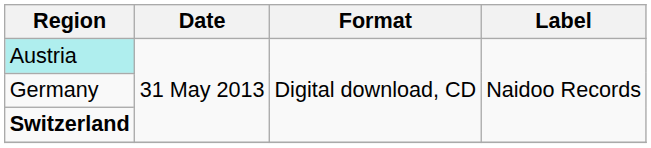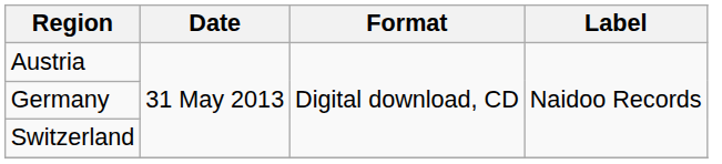 <table class="wikitable">
 <tr>
 <th scope="col">Region</th>
 <th scope="col">Date</th>
 <th scope="col">Format</th>
 <th scope="col">Label</th>
 </tr>
 <tr>
-<td style="background: paleturquoise;">Austria</td>
+<td>Austria</td>
 <td rowspan="3">31 May 2013</td>
 <td rowspan="3">Digital download, CD</td>
 <td rowspan="3">Naidoo Records</td>
 </tr>
 <tr>
 <td>Germany</td>
 </tr>
 <tr>
-<td><strong>Switzerland</strong></td>
+<td>Switzerland</td>
 </tr>
 <tr>
 </tr>
 </table>
